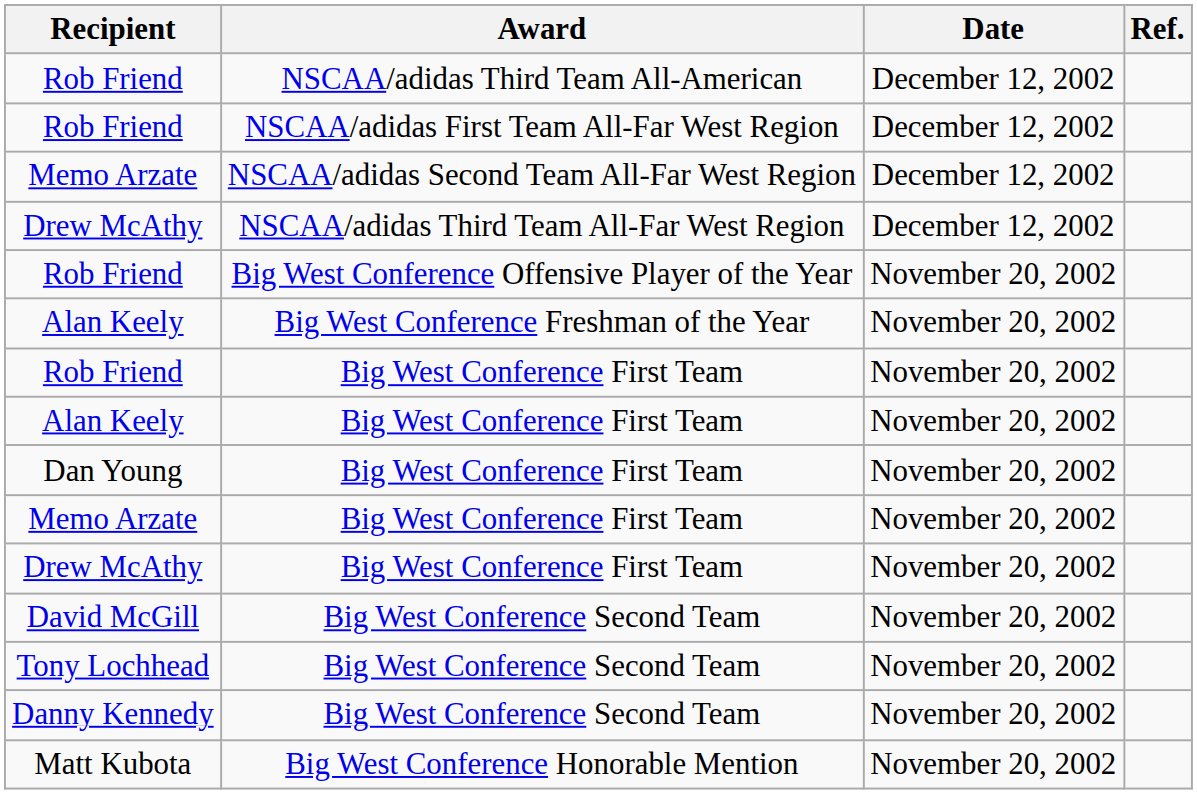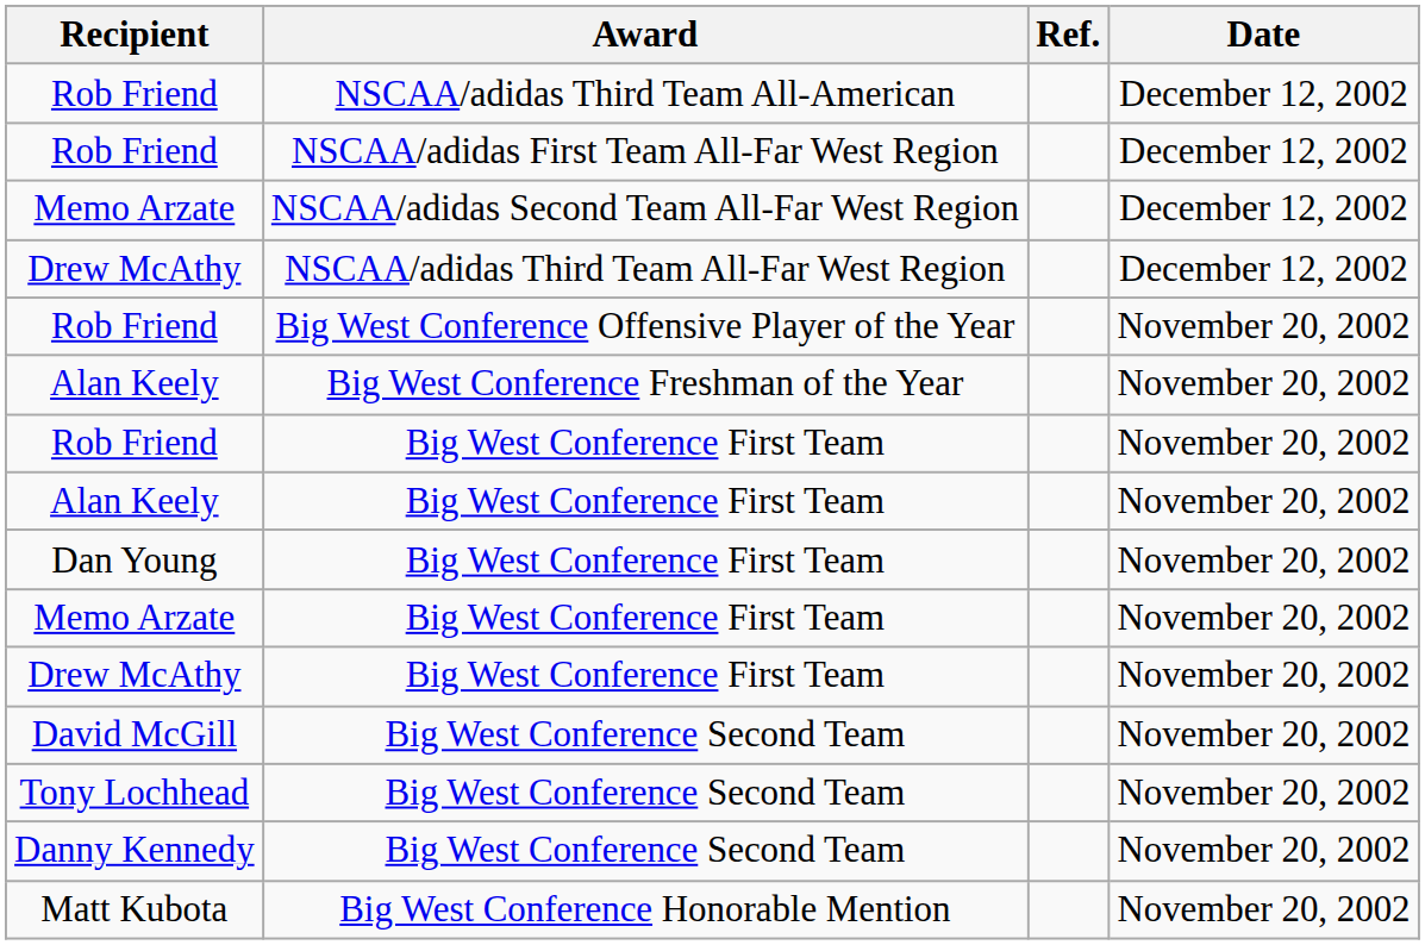 <table class="wikitable" style="text-align: center;">
 <tr>
 <th>Recipient</th>
 <th>Award</th>
+<th>Ref.</th>
 <th>Date</th>
-<th>Ref.</th>
 </tr>
 <tr>
 <td><a href='#'>Rob Friend</a></td>
 <td><a href='#'>NSCAA</a>/adidas Third Team All-American</td>
+<td></td>
 <td>December 12, 2002</td>
-<td></td>
 </tr>
 <tr>
 <td><a href='#'>Rob Friend</a></td>
 <td><a href='#'>NSCAA</a>/adidas First Team All-Far West Region</td>
+<td></td>
 <td>December 12, 2002</td>
-<td></td>
 </tr>
 <tr>
 <td><a href='#'>Memo Arzate</a></td>
 <td><a href='#'>NSCAA</a>/adidas Second Team All-Far West Region</td>
+<td></td>
 <td>December 12, 2002</td>
-<td></td>
 </tr>
 <tr>
 <td><a href='#'>Drew McAthy</a></td>
 <td><a href='#'>NSCAA</a>/adidas Third Team All-Far West Region</td>
+<td></td>
 <td>December 12, 2002</td>
-<td></td>
 </tr>
 <tr>
 <td><a href='#'>Rob Friend</a></td>
 <td><a href='#'>Big West Conference</a> Offensive Player of the Year</td>
+<td></td>
 <td>November 20, 2002</td>
-<td></td>
 </tr>
 <tr>
 <td><a href='#'>Alan Keely</a></td>
 <td><a href='#'>Big West Conference</a> Freshman of the Year</td>
+<td></td>
 <td>November 20, 2002</td>
-<td></td>
 </tr>
 <tr>
 <td><a href='#'>Rob Friend</a></td>
 <td><a href='#'>Big West Conference</a> First Team</td>
+<td></td>
 <td>November 20, 2002</td>
-<td></td>
 </tr>
 <tr>
 <td><a href='#'>Alan Keely</a></td>
 <td><a href='#'>Big West Conference</a> First Team</td>
+<td></td>
 <td>November 20, 2002</td>
-<td></td>
 </tr>
 <tr>
 <td>Dan Young</td>
 <td><a href='#'>Big West Conference</a> First Team</td>
+<td></td>
 <td>November 20, 2002</td>
-<td></td>
 </tr>
 <tr>
 <td><a href='#'>Memo Arzate</a></td>
 <td><a href='#'>Big West Conference</a> First Team</td>
+<td></td>
 <td>November 20, 2002</td>
-<td></td>
 </tr>
 <tr>
 <td><a href='#'>Drew McAthy</a></td>
 <td><a href='#'>Big West Conference</a> First Team</td>
+<td></td>
 <td>November 20, 2002</td>
-<td></td>
 </tr>
 <tr>
 <td><a href='#'>David McGill</a></td>
 <td><a href='#'>Big West Conference</a> Second Team</td>
+<td></td>
 <td>November 20, 2002</td>
-<td></td>
 </tr>
 <tr>
 <td><a href='#'>Tony Lochhead</a></td>
 <td><a href='#'>Big West Conference</a> Second Team</td>
+<td></td>
 <td>November 20, 2002</td>
-<td></td>
 </tr>
 <tr>
 <td><a href='#'>Danny Kennedy</a></td>
 <td><a href='#'>Big West Conference</a> Second Team</td>
+<td></td>
 <td>November 20, 2002</td>
-<td></td>
 </tr>
 <tr>
 <td>Matt Kubota</td>
 <td><a href='#'>Big West Conference</a> Honorable Mention</td>
+<td></td>
 <td>November 20, 2002</td>
-<td></td>
 </tr>
 </table>
